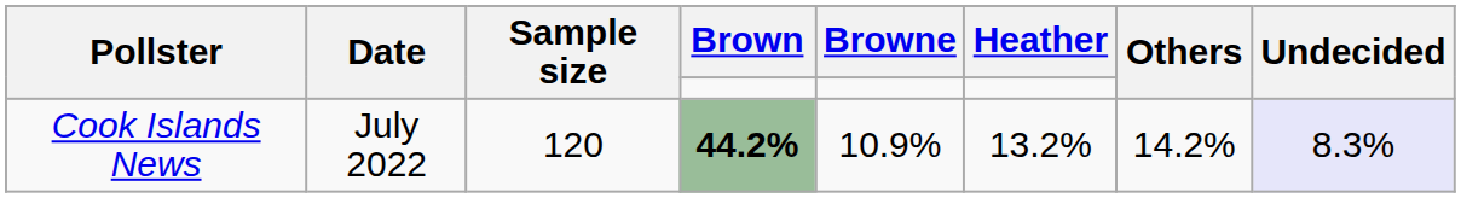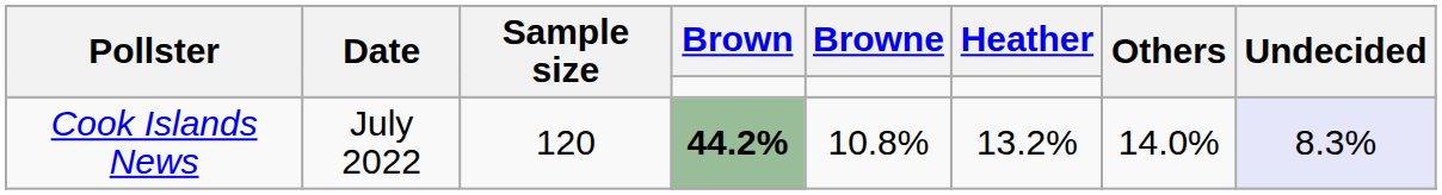 <table class=wikitable style="text-align:center; font-size:95%; line-height:16px;">
 <tr>
 <th rowspan=2>Pollster</th>
 <th rowspan=2>Date</th>
 <th rowspan=2>Sample size</th>
 <th style="width:50px;"><a href='#'>Brown</a></th>
 <th style="width:50px;"><a href='#'>Browne</a></th>
 <th style="width:50px;"><a href='#'>Heather</a></th>
 <th rowspan="2" style="width:50px;">Others</th>
 <th rowspan="2" style="width:50px;">Undecided</th>
 </tr>
 <tr>
 <td style="background:"></td>
 <td style="background:"></td>
 <td style="background:"></td>
 </tr>
 <tr>
 <td><em><a href='#'>Cook Islands News</a></em></td>
 <td>July 2022</td>
 <td>120</td>
 <td style="background:#99bd99;font-weight:bold">44.2%</td>
-<td>10.9%</td>
+<td>10.8%</td>
 <td>13.2%</td>
-<td>14.2%</td>
+<td>14.0%</td>
 <td style="background: lavender;">8.3%</td>
 </tr>
 </table>
